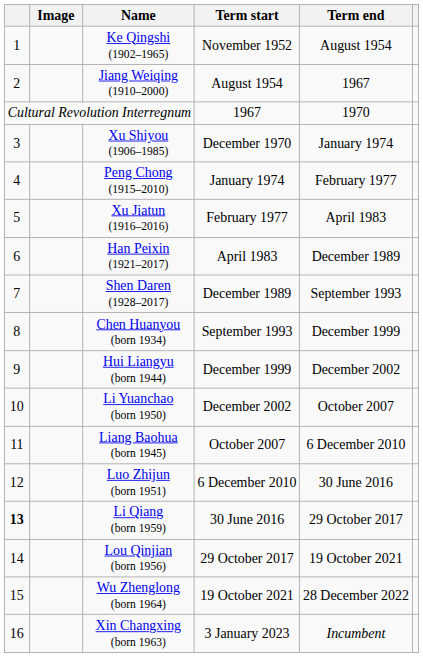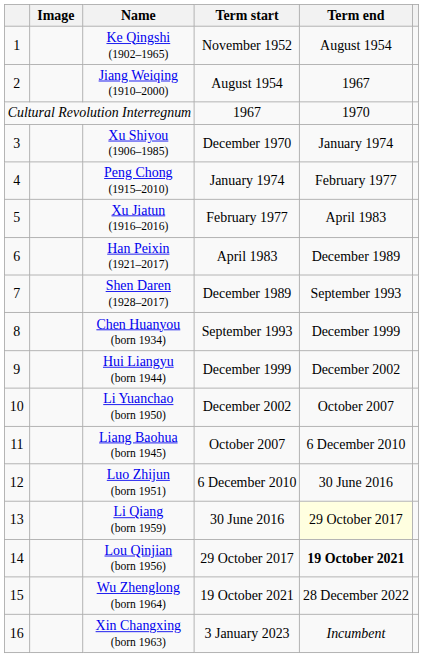 <table class="wikitable" style="text-align:center">
 <tr>
 <th></th>
 <th>Image</th>
 <th>Name</th>
 <th>Term start</th>
 <th>Term end</th>
 <th></th>
 </tr>
 <tr>
 <td>1</td>
 <td></td>
 <td><a href='#'>Ke Qingshi</a><br><small>(1902–1965)</small></td>
 <td>November 1952</td>
 <td>August 1954</td>
 <td></td>
 </tr>
 <tr>
 <td>2</td>
 <td></td>
 <td><a href='#'>Jiang Weiqing</a><br><small>(1910–2000)</small></td>
 <td>August 1954</td>
 <td>1967</td>
 <td></td>
 </tr>
 <tr>
 <td colspan="3"><em>Cultural Revolution Interregnum</em></td>
 <td>1967</td>
 <td>1970</td>
 <td></td>
 </tr>
 <tr>
 <td>3</td>
 <td></td>
 <td><a href='#'>Xu Shiyou</a><br><small>(1906–1985)</small></td>
 <td>December 1970</td>
 <td>January 1974</td>
 <td></td>
 </tr>
 <tr>
 <td>4</td>
 <td></td>
 <td><a href='#'>Peng Chong</a><br><small>(1915–2010)</small></td>
 <td>January 1974</td>
 <td>February 1977</td>
 <td></td>
 </tr>
 <tr>
 <td>5</td>
 <td></td>
 <td><a href='#'>Xu Jiatun</a><br><small>(1916–2016)</small></td>
 <td>February 1977</td>
 <td>April 1983</td>
 <td></td>
 </tr>
 <tr>
 <td>6</td>
 <td></td>
 <td><a href='#'>Han Peixin</a><br><small>(1921–2017)</small></td>
 <td>April 1983</td>
 <td>December 1989</td>
 <td></td>
 </tr>
 <tr>
 <td>7</td>
 <td></td>
 <td><a href='#'>Shen Daren</a><br><small>(1928–2017)</small></td>
 <td>December 1989</td>
 <td>September 1993</td>
 <td></td>
 </tr>
 <tr>
 <td>8</td>
 <td></td>
 <td><a href='#'>Chen Huanyou</a><br><small>(born 1934)</small></td>
 <td>September 1993</td>
 <td>December 1999</td>
 <td></td>
 </tr>
 <tr>
 <td>9</td>
 <td></td>
 <td><a href='#'>Hui Liangyu</a><br><small>(born 1944)</small></td>
 <td>December 1999</td>
 <td>December 2002</td>
 <td></td>
 </tr>
 <tr>
 <td>10</td>
 <td></td>
 <td><a href='#'>Li Yuanchao</a><br><small>(born 1950)</small></td>
 <td>December 2002</td>
 <td>October 2007</td>
 <td></td>
 </tr>
 <tr>
 <td>11</td>
 <td></td>
 <td><a href='#'>Liang Baohua</a><br><small>(born 1945)</small></td>
 <td>October 2007</td>
 <td>6 December 2010</td>
 <td></td>
 </tr>
 <tr>
 <td>12</td>
 <td></td>
 <td><a href='#'>Luo Zhijun</a><br><small>(born 1951)</small></td>
 <td>6 December 2010</td>
 <td>30 June 2016</td>
 <td></td>
 </tr>
 <tr>
-<td><strong>13</strong></td>
+<td>13</td>
 <td></td>
 <td><a href='#'>Li Qiang</a><br><small>(born 1959)</small></td>
 <td>30 June 2016</td>
-<td>29 October 2017</td>
+<td style="background: lightyellow;">29 October 2017</td>
 <td></td>
 </tr>
 <tr>
 <td>14</td>
 <td></td>
 <td><a href='#'>Lou Qinjian</a><br><small>(born 1956)</small></td>
 <td>29 October 2017</td>
-<td>19 October 2021</td>
+<td><strong>19 October 2021</strong></td>
 <td></td>
 </tr>
 <tr>
 <td>15</td>
 <td></td>
 <td><a href='#'>Wu Zhenglong</a><br><small>(born 1964)</small></td>
 <td>19 October 2021</td>
 <td>28 December 2022</td>
 <td></td>
 </tr>
 <tr>
 <td>16</td>
 <td></td>
 <td><a href='#'>Xin Changxing</a><br><small>(born 1963)</small></td>
 <td>3 January 2023</td>
 <td><em>Incumbent</em></td>
 <td></td>
 </tr>
 </table>
